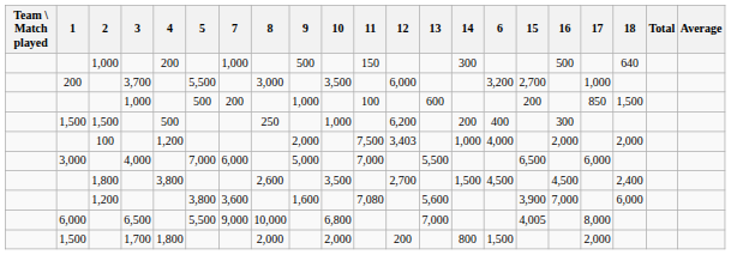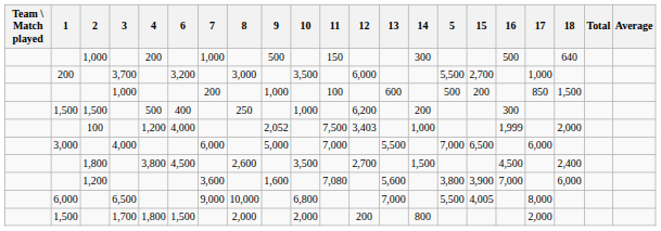 <table class="wikitable sortable" style="font-size: 90%; text-align:center;">
 <tr>
 <th style="width:76px;">Team \ Match played</th>
 <th align=center>1</th>
 <th align=center>2</th>
 <th align=center>3</th>
 <th align=center>4</th>
-<th align=center>5</th>
+<th align=center>6</th>
 <th align=center>7</th>
 <th align=center>8</th>
 <th align=center>9</th>
 <th align=center>10</th>
 <th align=center>11</th>
 <th align=center>12</th>
 <th align=center>13</th>
 <th align=center>14</th>
-<th align=center>6</th>
+<th align=center>5</th>
 <th align=center>15</th>
 <th align=center>16</th>
 <th align=center>17</th>
 <th align=center>18</th>
 <th align=center>Total</th>
 <th align=center>Average</th>
 </tr>
 <tr align=center>
 <td align=left></td>
 <td></td>
 <td>1,000</td>
 <td></td>
 <td>200</td>
 <td></td>
 <td>1,000</td>
 <td></td>
 <td>500</td>
 <td></td>
 <td>150</td>
 <td></td>
 <td></td>
 <td>300</td>
 <td></td>
 <td></td>
 <td>500</td>
 <td></td>
 <td>640</td>
 <td><strong></strong></td>
 <td></td>
 </tr>
 <tr align=center>
 <td align=left></td>
 <td>200</td>
 <td></td>
 <td>3,700</td>
 <td></td>
-<td>5,500</td>
+<td>3,200</td>
 <td></td>
 <td>3,000</td>
 <td></td>
 <td>3,500</td>
 <td></td>
 <td>6,000</td>
 <td></td>
 <td></td>
-<td>3,200</td>
+<td>5,500</td>
 <td>2,700</td>
 <td></td>
 <td>1,000</td>
 <td></td>
 <td><strong></strong></td>
 <td></td>
 </tr>
 <tr align=center>
 <td align=left></td>
 <td></td>
 <td></td>
 <td>1,000</td>
 <td></td>
-<td>500</td>
+<td></td>
 <td>200</td>
 <td></td>
 <td>1,000</td>
 <td></td>
 <td>100</td>
 <td></td>
 <td>600</td>
 <td></td>
-<td></td>
+<td>500</td>
 <td>200</td>
 <td></td>
 <td>850</td>
 <td>1,500</td>
 <td><strong></strong></td>
 <td></td>
 </tr>
 <tr align=center>
 <td align=left></td>
 <td>1,500</td>
 <td>1,500</td>
 <td></td>
 <td>500</td>
-<td></td>
+<td>400</td>
 <td></td>
 <td>250</td>
 <td></td>
 <td>1,000</td>
 <td></td>
 <td>6,200</td>
 <td></td>
 <td>200</td>
-<td>400</td>
+<td></td>
 <td></td>
 <td>300</td>
 <td></td>
 <td></td>
 <td><strong></strong></td>
 <td></td>
 </tr>
 <tr align=center>
 <td align=left></td>
 <td></td>
 <td>100</td>
 <td></td>
 <td>1,200</td>
+<td>4,000</td>
 <td></td>
 <td></td>
-<td></td>
-<td>2,000</td>
+<td>2,052</td>
 <td></td>
 <td>7,500</td>
 <td>3,403</td>
 <td></td>
 <td>1,000</td>
-<td>4,000</td>
 <td></td>
-<td>2,000</td>
+<td></td>
+<td>1,999</td>
 <td></td>
 <td>2,000</td>
 <td><strong></strong></td>
 <td></td>
 </tr>
 <tr align=center>
 <td align=left></td>
 <td>3,000</td>
 <td></td>
 <td>4,000</td>
 <td></td>
-<td>7,000</td>
+<td></td>
 <td>6,000</td>
 <td></td>
 <td>5,000</td>
 <td></td>
 <td>7,000</td>
 <td></td>
 <td>5,500</td>
 <td></td>
-<td></td>
+<td>7,000</td>
 <td>6,500</td>
 <td></td>
 <td>6,000</td>
 <td></td>
 <td><strong></strong></td>
 <td></td>
 </tr>
 <tr align=center>
 <td align=left></td>
 <td></td>
 <td>1,800</td>
 <td></td>
 <td>3,800</td>
-<td></td>
+<td>4,500</td>
 <td></td>
 <td>2,600</td>
 <td></td>
 <td>3,500</td>
 <td></td>
 <td>2,700</td>
 <td></td>
 <td>1,500</td>
-<td>4,500</td>
+<td></td>
 <td></td>
 <td>4,500</td>
 <td></td>
 <td>2,400</td>
 <td><strong></strong></td>
 <td></td>
 </tr>
 <tr align=center>
 <td align=left></td>
 <td></td>
 <td>1,200</td>
 <td></td>
 <td></td>
-<td>3,800</td>
+<td></td>
 <td>3,600</td>
 <td></td>
 <td>1,600</td>
 <td></td>
 <td>7,080</td>
 <td></td>
 <td>5,600</td>
 <td></td>
-<td></td>
+<td>3,800</td>
 <td>3,900</td>
 <td>7,000</td>
 <td></td>
 <td>6,000</td>
 <td><strong></strong></td>
 <td></td>
 </tr>
 <tr align=center>
 <td align=left></td>
 <td>6,000</td>
 <td></td>
 <td>6,500</td>
 <td></td>
-<td>5,500</td>
+<td></td>
 <td>9,000</td>
 <td>10,000</td>
 <td></td>
 <td>6,800</td>
 <td></td>
 <td></td>
 <td>7,000</td>
 <td></td>
-<td></td>
+<td>5,500</td>
 <td>4,005</td>
 <td></td>
 <td>8,000</td>
 <td></td>
 <td><strong></strong></td>
 <td></td>
 </tr>
 <tr align=center>
 <td align=left></td>
 <td>1,500</td>
 <td></td>
 <td>1,700</td>
 <td>1,800</td>
-<td></td>
+<td>1,500</td>
 <td></td>
 <td>2,000</td>
 <td></td>
 <td>2,000</td>
 <td></td>
 <td>200</td>
 <td></td>
 <td>800</td>
-<td>1,500</td>
+<td></td>
 <td></td>
 <td></td>
 <td>2,000</td>
 <td></td>
 <td><strong></strong></td>
 <td></td>
 </tr>
 </table>
